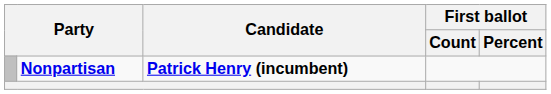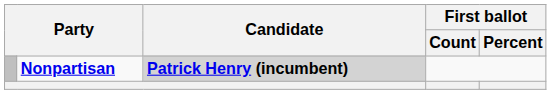 <table class=wikitable>
 <tr>
 <th colspan=2 rowspan=2 style="width: 130px">Party</th>
 <th rowspan=2 style="width: 17em">Candidate</th>
 <th colspan=2>First ballot</th>
 </tr>
 <tr>
 <th style="width: 2.5em">Count</th>
 <th style="width: 2.5em">Percent</th>
 </tr>
 <tr>
 <td style="background-color:#C0C0C0; width:5px;"></td>
 <td><strong><a href='#'>Nonpartisan</a></strong></td>
-<td><strong><a href='#'>Patrick Henry</a> (incumbent)</strong></td>
+<td style="background: lightgrey;"><strong><a href='#'>Patrick Henry</a> (incumbent)</strong></td>
 <td align=right colspan=2></td>
 </tr>
 <tr>
 <th colspan=3></th>
 <th></th>
 <th></th>
 </tr>
 </table>
